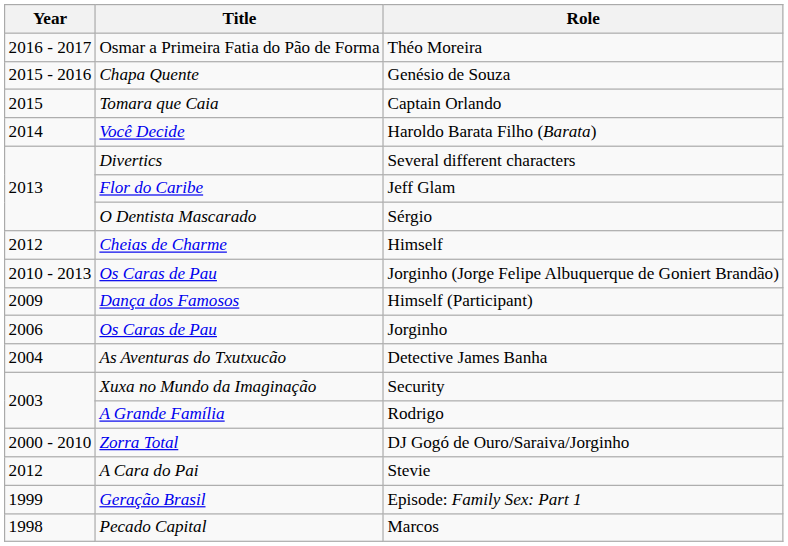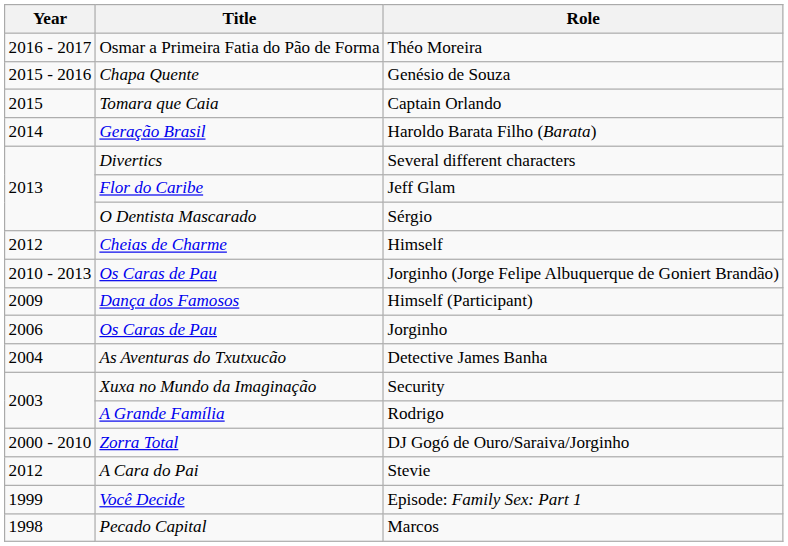 <table class="wikitable" style="font-size: 90%;">
 <tr>
 <th>Year</th>
 <th>Title</th>
 <th>Role</th>
 </tr>
 <tr>
 <td>2016 - 2017</td>
 <td>Osmar a Primeira Fatia do Pão de Forma</td>
 <td>Théo Moreira</td>
 </tr>
 <tr>
 <td>2015 - 2016</td>
 <td><em>Chapa Quente</em></td>
 <td>Genésio de Souza </td>
 </tr>
 <tr>
 <td>2015</td>
 <td><em>Tomara que Caia</em></td>
 <td>Captain Orlando</td>
 </tr>
 <tr>
 <td>2014</td>
-<td><em><a href='#'>Você Decide</a></em></td>
+<td><em><a href='#'>Geração Brasil</a></em></td>
 <td>Haroldo Barata Filho (<em>Barata</em>) </td>
 </tr>
 <tr>
 <td rowspan=3>2013</td>
 <td><em>Divertics</em></td>
 <td>Several different characters</td>
 </tr>
 <tr>
 <td><em><a href='#'>Flor do Caribe</a></em></td>
 <td>Jeff Glam</td>
 </tr>
 <tr>
 <td><em>O Dentista Mascarado</em></td>
 <td>Sérgio</td>
 </tr>
 <tr>
 <td>2012</td>
 <td><em><a href='#'>Cheias de Charme</a></em></td>
 <td>Himself</td>
 </tr>
 <tr>
 <td>2010 - 2013</td>
 <td><em><a href='#'>Os Caras de Pau</a></em></td>
 <td>Jorginho (Jorge Felipe Albuquerque de Goniert Brandão)</td>
 </tr>
 <tr>
 <td>2009</td>
 <td><em><a href='#'>Dança dos Famosos</a></em></td>
 <td>Himself (Participant)</td>
 </tr>
 <tr>
 <td>2006</td>
 <td><em><a href='#'>Os Caras de Pau</a></em></td>
 <td>Jorginho</td>
 </tr>
 <tr>
 <td>2004</td>
 <td><em>As Aventuras do Txutxucão</em></td>
 <td>Detective James Banha</td>
 </tr>
 <tr>
 <td rowspan="2">2003</td>
 <td><em>Xuxa no Mundo da Imaginação</em></td>
 <td>Security</td>
 </tr>
 <tr>
 <td><em><a href='#'>A Grande Família</a></em></td>
 <td>Rodrigo</td>
 </tr>
 <tr>
 <td>2000 - 2010</td>
 <td><em><a href='#'>Zorra Total</a></em></td>
 <td>DJ Gogó de Ouro/Saraiva/Jorginho</td>
 </tr>
 <tr>
 <td>2012</td>
 <td><em>A Cara do Pai</em></td>
 <td>Stevie</td>
 </tr>
 <tr>
 <td>1999</td>
-<td><em><a href='#'>Geração Brasil</a></em></td>
+<td><em><a href='#'>Você Decide</a></em></td>
 <td>Episode: <em> Family Sex: Part 1 </em></td>
 </tr>
 <tr>
 <td>1998</td>
 <td><em>Pecado Capital</em></td>
 <td>Marcos</td>
 </tr>
 </table>
